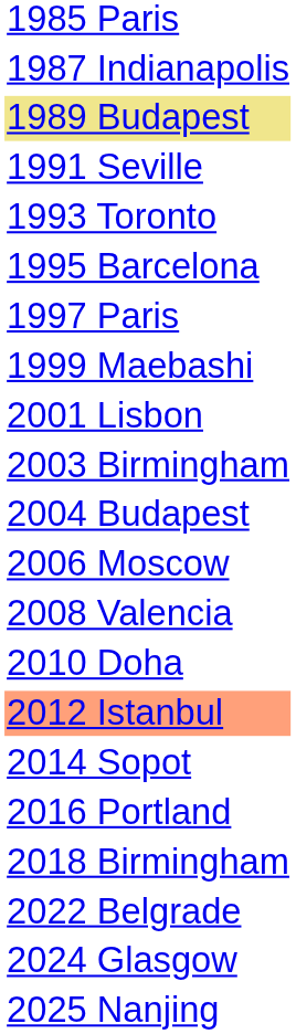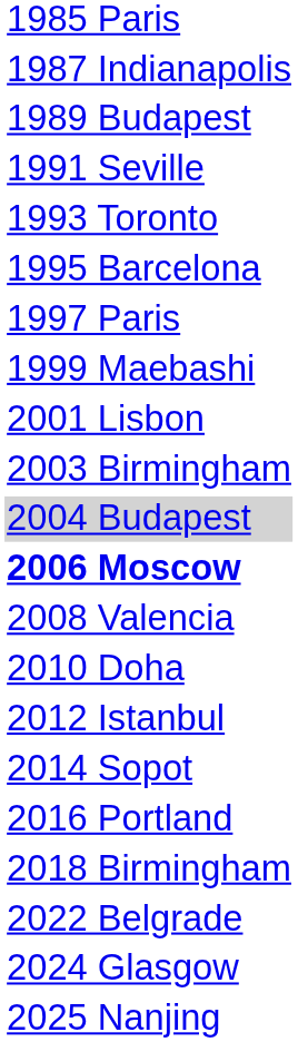 <table>
 <tr>
 <td><a href='#'>1985 Paris</a></td>
 <td></td>
 <td></td>
 <td></td>
 </tr>
 <tr>
 <td><a href='#'>1987 Indianapolis</a><br></td>
 <td></td>
 <td></td>
 <td></td>
 </tr>
 <tr>
-<td style="background: khaki;"><a href='#'>1989 Budapest</a><br></td>
+<td><a href='#'>1989 Budapest</a><br></td>
 <td></td>
 <td></td>
 <td></td>
 </tr>
 <tr>
 <td><a href='#'>1991 Seville</a><br></td>
 <td></td>
 <td></td>
 <td></td>
 </tr>
 <tr>
 <td><a href='#'>1993 Toronto</a><br></td>
 <td></td>
 <td></td>
 <td></td>
 </tr>
 <tr>
 <td><a href='#'>1995 Barcelona</a><br></td>
 <td></td>
 <td></td>
 <td></td>
 </tr>
 <tr>
 <td><a href='#'>1997 Paris</a><br></td>
 <td></td>
 <td></td>
 <td></td>
 </tr>
 <tr>
 <td><a href='#'>1999 Maebashi</a><br></td>
 <td></td>
 <td></td>
 <td></td>
 </tr>
 <tr>
 <td><a href='#'>2001 Lisbon</a><br></td>
 <td></td>
 <td></td>
 <td></td>
 </tr>
 <tr>
 <td><a href='#'>2003 Birmingham</a><br></td>
 <td></td>
 <td></td>
 <td></td>
 </tr>
 <tr>
-<td><a href='#'>2004 Budapest</a><br></td>
+<td style="background: lightgrey;"><a href='#'>2004 Budapest</a><br></td>
 <td></td>
 <td></td>
 <td></td>
 </tr>
 <tr>
-<td><a href='#'>2006 Moscow</a><br></td>
+<td><strong><a href='#'>2006 Moscow</a><br></strong></td>
 <td></td>
 <td></td>
 <td></td>
 </tr>
 <tr>
 <td><a href='#'>2008 Valencia</a><br></td>
 <td></td>
 <td></td>
 <td></td>
 </tr>
 <tr>
 <td><a href='#'>2010 Doha</a><br></td>
 <td></td>
 <td></td>
 <td></td>
 </tr>
 <tr>
-<td style="background: lightsalmon;"><a href='#'>2012 Istanbul</a><br></td>
+<td><a href='#'>2012 Istanbul</a><br></td>
 <td></td>
 <td></td>
 <td></td>
 </tr>
 <tr>
 <td><a href='#'>2014 Sopot</a><br></td>
 <td></td>
 <td></td>
 <td></td>
 </tr>
 <tr>
 <td><a href='#'>2016 Portland</a><br></td>
 <td></td>
 <td></td>
 <td></td>
 </tr>
 <tr>
 <td><a href='#'>2018 Birmingham</a><br></td>
 <td></td>
 <td></td>
 <td></td>
 </tr>
 <tr>
 <td><a href='#'>2022 Belgrade</a><br></td>
 <td></td>
 <td></td>
 <td></td>
 </tr>
 <tr>
 <td><a href='#'>2024 Glasgow</a><br></td>
 <td></td>
 <td></td>
 <td></td>
 </tr>
 <tr>
 <td><a href='#'>2025 Nanjing</a><br></td>
 <td></td>
 <td></td>
 <td></td>
 </tr>
 </table>
